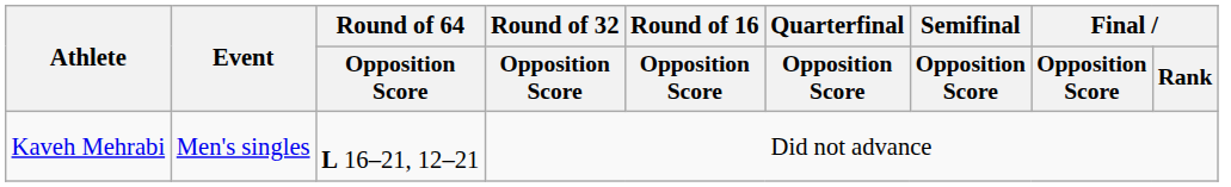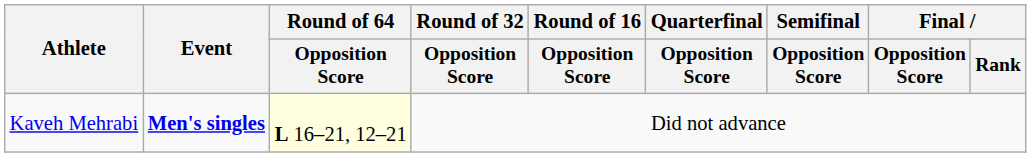 <table class=wikitable style="font-size:90%">
 <tr>
 <th rowspan="2">Athlete</th>
 <th rowspan="2">Event</th>
 <th>Round of 64</th>
 <th>Round of 32</th>
 <th>Round of 16</th>
 <th>Quarterfinal</th>
 <th>Semifinal</th>
 <th colspan=2>Final / </th>
 </tr>
 <tr style="font-size:95%">
 <th>Opposition<br>Score</th>
 <th>Opposition<br>Score</th>
 <th>Opposition<br>Score</th>
 <th>Opposition<br>Score</th>
 <th>Opposition<br>Score</th>
 <th>Opposition<br>Score</th>
 <th>Rank</th>
 </tr>
 <tr align=center>
 <td align=left><a href='#'>Kaveh Mehrabi</a></td>
-<td align=left><a href='#'>Men's singles</a></td>
-<td><br><strong>L</strong> 16–21, 12–21</td>
+<td align=left><strong><a href='#'>Men's singles</a></strong></td>
+<td style="background: lightyellow;"><br><strong>L</strong> 16–21, 12–21</td>
 <td colspan=6>Did not advance</td>
 </tr>
 </table>
